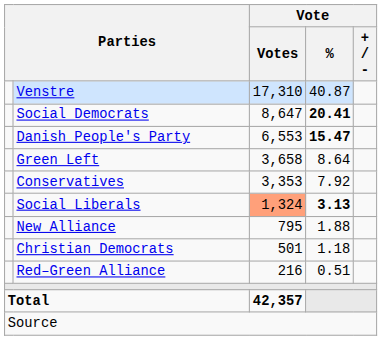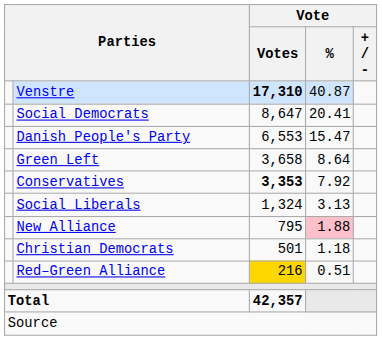 <table class="wikitable" style="text-align:right;">
 <tr>
 <th style="text-align:centre;" rowspan="2" colspan="2" width="225">Parties</th>
 <th colspan="3">Vote</th>
 </tr>
 <tr>
 <th width="15">Votes</th>
 <th width="15">%</th>
 <th width="15">+ / -</th>
 </tr>
 <tr>
 <td width="2" style="color:inherit;background:"></td>
 <td bgcolor=#cfe5fe  align="left"><a href='#'>Venstre</a></td>
-<td bgcolor=#cfe5fe>17,310</td>
+<td bgcolor=#cfe5fe><strong>17,310</strong></td>
 <td bgcolor=#cfe5fe>40.87</td>
 <td></td>
 </tr>
 <tr>
 <td width="2" style="color:inherit;background:"></td>
 <td align="left"><a href='#'>Social Democrats</a></td>
 <td>8,647</td>
-<td><strong>20.41</strong></td>
+<td>20.41</td>
 <td></td>
 </tr>
 <tr>
 <td width="2" style="color:inherit;background:"></td>
 <td align="left"><a href='#'>Danish People's Party</a></td>
 <td>6,553</td>
-<td><strong>15.47</strong></td>
+<td>15.47</td>
 <td></td>
 </tr>
 <tr>
 <td width="2" style="color:inherit;background:"></td>
 <td align="left"><a href='#'>Green Left</a></td>
 <td>3,658</td>
 <td>8.64</td>
 <td></td>
 </tr>
 <tr>
 <td width="2" style="color:inherit;background:"></td>
 <td align="left"><a href='#'>Conservatives</a></td>
-<td>3,353</td>
+<td><strong>3,353</strong></td>
 <td>7.92</td>
 <td></td>
 </tr>
 <tr>
 <td width="2" style="color:inherit;background:"></td>
 <td align="left"><a href='#'>Social Liberals</a></td>
-<td style="background: lightsalmon;">1,324</td>
-<td><strong>3.13</strong></td>
+<td>1,324</td>
+<td>3.13</td>
 <td></td>
 </tr>
 <tr>
 <td width="2" style="color:inherit;background:"></td>
 <td align="left"><a href='#'>New Alliance</a></td>
 <td>795</td>
-<td>1.88</td>
+<td style="background: pink;">1.88</td>
 <td></td>
 </tr>
 <tr>
 <td width="2" style="color:inherit;background:"></td>
 <td align="left"><a href='#'>Christian Democrats</a></td>
 <td>501</td>
 <td>1.18</td>
 <td></td>
 </tr>
 <tr>
 <td width="2" style="color:inherit;background:"></td>
 <td align="left"><a href='#'>Red–Green Alliance</a></td>
-<td>216</td>
+<td style="background: gold;">216</td>
 <td>0.51</td>
 <td></td>
 </tr>
 <tr>
 <td colspan="7" bgcolor="#E9E9E9"></td>
 </tr>
 <tr>
 <td align="left" colspan="2"><strong>Total</strong></td>
 <td><strong>42,357</strong></td>
 <td bgcolor="#E9E9E9" colspan="2"></td>
 </tr>
 <tr>
 <td align="left" colspan="6">Source</td>
 </tr>
 </table>
